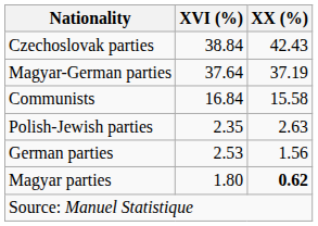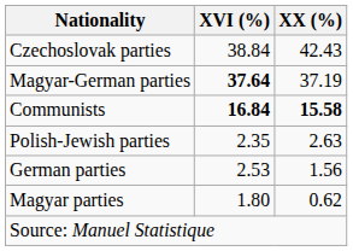 <table class=wikitable style=text-align:right>
 <tr>
 <th>Nationality</th>
 <th>XVI (%)</th>
 <th>XX (%)</th>
 </tr>
 <tr>
 <td align=left>Czechoslovak parties</td>
 <td>38.84</td>
 <td>42.43</td>
 </tr>
 <tr>
 <td align=left>Magyar-German parties</td>
-<td>37.64</td>
+<td><strong>37.64</strong></td>
 <td>37.19</td>
 </tr>
 <tr>
 <td align=left>Communists</td>
-<td>16.84</td>
-<td>15.58</td>
+<td><strong>16.84</strong></td>
+<td><strong>15.58</strong></td>
 </tr>
 <tr>
 <td align=left>Polish-Jewish parties</td>
 <td>2.35</td>
 <td>2.63</td>
 </tr>
 <tr>
 <td align=left>German parties</td>
 <td>2.53</td>
 <td>1.56</td>
 </tr>
 <tr>
 <td align=left>Magyar parties</td>
 <td>1.80</td>
-<td><strong>0.62</strong></td>
+<td>0.62</td>
 </tr>
 <tr>
 <td align=left colspan=3>Source: <em>Manuel Statistique</em></td>
 </tr>
 </table>
